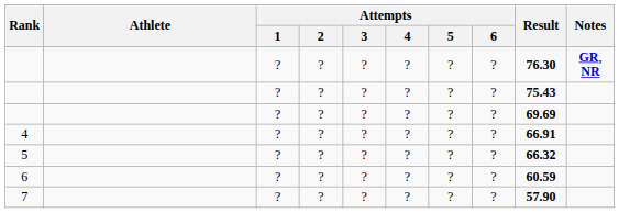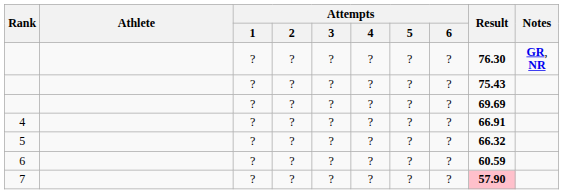 <table class="wikitable" style="text-align:center">
 <tr>
 <th rowspan=2 width=40>Rank</th>
 <th rowspan=2 width=250>Athlete</th>
 <th colspan=6>Attempts</th>
 <th rowspan=2 width=55>Result</th>
 <th rowspan=2 width=50>Notes</th>
 </tr>
 <tr>
 <th width=45>1</th>
 <th width=45>2</th>
 <th width=45>3</th>
 <th width=45>4</th>
 <th width=45>5</th>
 <th width=45>6</th>
 </tr>
 <tr>
 <td></td>
 <td align=left></td>
 <td>?</td>
 <td>?</td>
 <td>?</td>
 <td>?</td>
 <td>?</td>
 <td>?</td>
 <td><strong>76.30</strong></td>
 <td><strong><a href='#'>GR</a></strong>, <strong><a href='#'>NR</a></strong></td>
 </tr>
 <tr>
 <td></td>
 <td align=left></td>
 <td>?</td>
 <td>?</td>
 <td>?</td>
 <td>?</td>
 <td>?</td>
 <td>?</td>
 <td><strong>75.43</strong></td>
 <td></td>
 </tr>
 <tr>
 <td></td>
 <td align=left></td>
 <td>?</td>
 <td>?</td>
 <td>?</td>
 <td>?</td>
 <td>?</td>
 <td>?</td>
 <td><strong>69.69</strong></td>
 <td></td>
 </tr>
 <tr>
 <td>4</td>
 <td align=left></td>
 <td>?</td>
 <td>?</td>
 <td>?</td>
 <td>?</td>
 <td>?</td>
 <td>?</td>
 <td><strong>66.91</strong></td>
 <td></td>
 </tr>
 <tr>
 <td>5</td>
 <td align=left></td>
 <td>?</td>
 <td>?</td>
 <td>?</td>
 <td>?</td>
 <td>?</td>
 <td>?</td>
 <td><strong>66.32</strong></td>
 <td></td>
 </tr>
 <tr>
 <td>6</td>
 <td align=left></td>
 <td>?</td>
 <td>?</td>
 <td>?</td>
 <td>?</td>
 <td>?</td>
 <td>?</td>
 <td><strong>60.59</strong></td>
 <td></td>
 </tr>
 <tr>
 <td>7</td>
 <td align=left></td>
 <td>?</td>
 <td>?</td>
 <td>?</td>
 <td>?</td>
 <td>?</td>
 <td>?</td>
-<td><strong>57.90</strong></td>
+<td style="background: pink;"><strong>57.90</strong></td>
 <td></td>
 </tr>
 </table>
